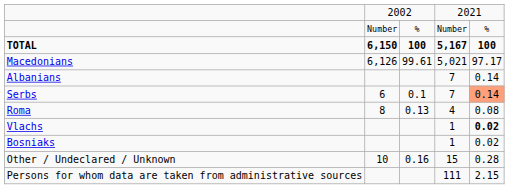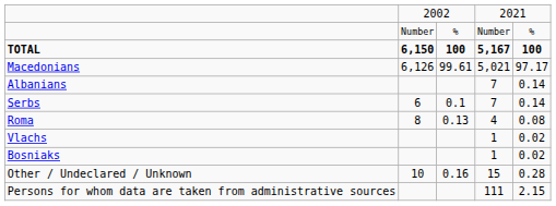 <table class="wikitable">
 <tr>
 <td></td>
 <td colspan="2" align="center">2002</td>
 <td colspan="2" align="center">2021</td>
 </tr>
 <tr>
 <td></td>
 <td align="center"><small>Number</small></td>
 <td align="center"><small>%</small></td>
 <td align="center"><small>Number</small></td>
 <td align="center"><small>%</small></td>
 </tr>
 <tr>
 <td><strong>TOTAL</strong></td>
 <td align="center"><strong>6,150</strong></td>
 <td align="center"><strong>100</strong></td>
 <td align="center"><strong>5,167</strong></td>
 <td align="center"><strong>100</strong></td>
 </tr>
 <tr>
 <td><a href='#'>Macedonians</a></td>
 <td align="center">6,126</td>
 <td align="center">99.61</td>
 <td align="center">5,021</td>
 <td align="center">97.17</td>
 </tr>
 <tr>
 <td><a href='#'>Albanians</a></td>
 <td align="center"></td>
 <td align="center"></td>
 <td align="center">7</td>
 <td align="center">0.14</td>
 </tr>
 <tr>
 <td><a href='#'>Serbs</a></td>
 <td align="center">6</td>
 <td align="center">0.1</td>
 <td align="center">7</td>
-<td align="center" style="background: lightsalmon;">0.14</td>
+<td align="center">0.14</td>
 </tr>
 <tr>
 <td><a href='#'>Roma</a></td>
 <td align="center">8</td>
 <td align="center">0.13</td>
 <td align="center">4</td>
 <td align="center">0.08</td>
 </tr>
 <tr>
 <td><a href='#'>Vlachs</a></td>
 <td align="center"></td>
 <td align="center"></td>
 <td align="center">1</td>
-<td align="center"><strong>0.02</strong></td>
+<td align="center">0.02</td>
 </tr>
 <tr>
 <td><a href='#'>Bosniaks</a></td>
 <td align="center"></td>
 <td align="center"></td>
 <td align="center">1</td>
 <td align="center">0.02</td>
 </tr>
 <tr>
 <td>Other / Undeclared / Unknown</td>
 <td align="center">10</td>
 <td align="center">0.16</td>
 <td align="center">15</td>
 <td align="center">0.28</td>
 </tr>
 <tr>
 <td>Persons for whom data are taken from administrative sources</td>
 <td align="center"></td>
 <td align="center"></td>
 <td align="center">111</td>
 <td align="center">2.15</td>
 </tr>
 </table>
